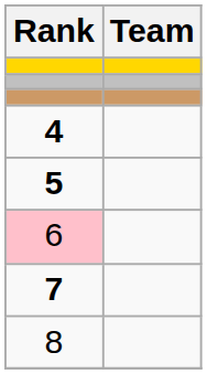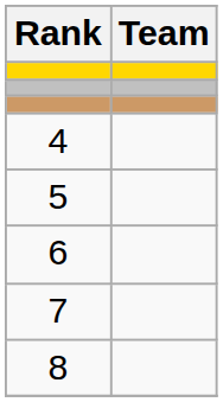 <table class="wikitable" border="1">
 <tr>
 <th>Rank</th>
 <th>Team</th>
 </tr>
 <tr bgcolor=gold>
 <td align=center></td>
 <td></td>
 </tr>
 <tr bgcolor=silver>
 <td align=center></td>
 <td></td>
 </tr>
 <tr bgcolor=cc9966>
 <td align=center></td>
 <td></td>
 </tr>
 <tr>
-<td align=center><strong>4</strong></td>
+<td align=center>4</td>
 <td></td>
 </tr>
 <tr>
-<td align=center><strong>5</strong></td>
+<td align=center>5</td>
 <td></td>
 </tr>
 <tr>
-<td align=center style="background: pink;">6</td>
+<td align=center>6</td>
 <td></td>
 </tr>
 <tr>
-<td align=center><strong>7</strong></td>
+<td align=center>7</td>
 <td></td>
 </tr>
 <tr>
 <td align=center>8</td>
 <td></td>
 </tr>
 <tr>
 </tr>
 </table>
